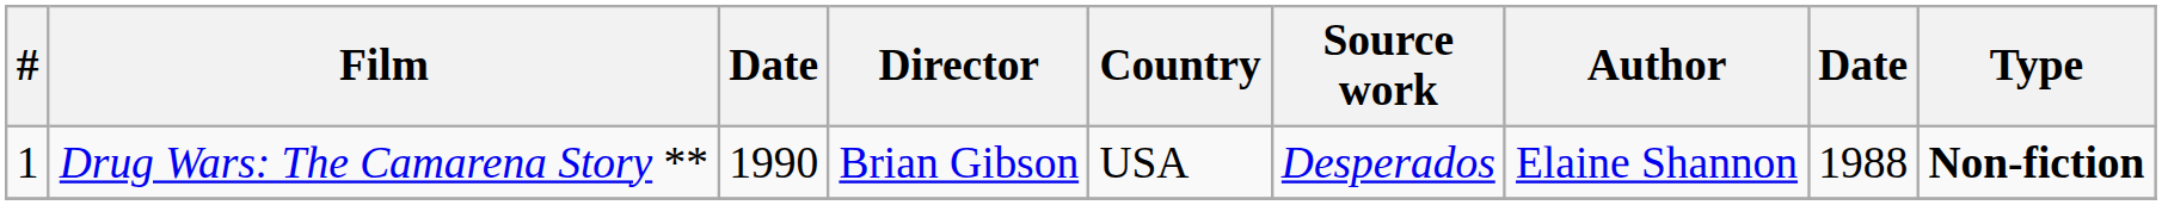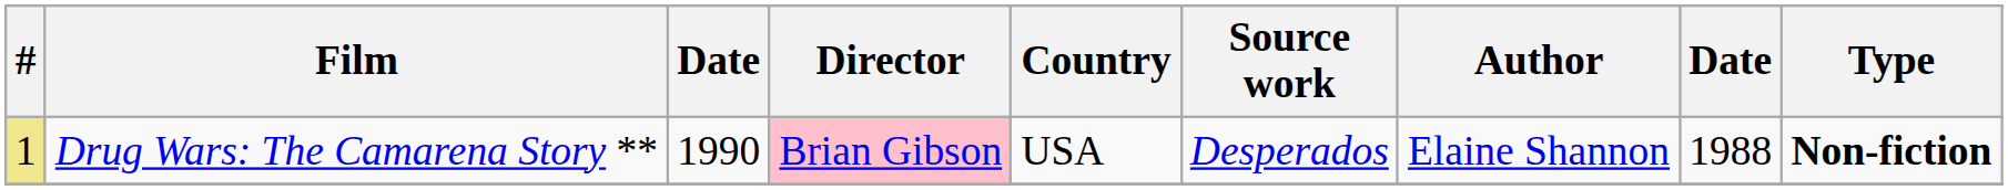 <table class="wikitable">
 <tr>
 <th>#</th>
 <th>Film</th>
 <th>Date</th>
 <th>Director</th>
 <th>Country</th>
 <th>Source<br>work</th>
 <th>Author</th>
 <th>Date</th>
 <th>Type</th>
 </tr>
 <tr>
-<td>1</td>
+<td style="background: khaki;">1</td>
 <td><em><a href='#'>Drug Wars: The Camarena Story</a></em> **</td>
 <td>1990</td>
-<td><a href='#'>Brian Gibson</a></td>
+<td style="background: pink;"><a href='#'>Brian Gibson</a></td>
 <td>USA</td>
 <td><em><a href='#'>Desperados</a></em></td>
 <td><a href='#'>Elaine Shannon</a></td>
 <td>1988</td>
 <td><strong>Non-fiction</strong></td>
 </tr>
 <tr>
 </tr>
 </table>
